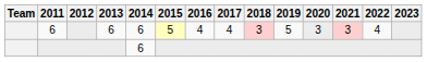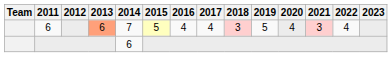 <table class="wikitable" style="font-size:85%; text-align: center">
 <tr>
 <th scope="col">Team</th>
 <th scope="col">2011</th>
 <th scope="col">2012</th>
 <th scope="col">2013</th>
 <th scope="col">2014</th>
 <th scope="col">2015</th>
 <th scope="col">2016</th>
 <th scope="col">2017</th>
 <th scope="col">2018</th>
 <th scope="col">2019</th>
 <th scope="col">2020</th>
 <th scope="col">2021</th>
 <th scope="col">2022</th>
 <th scope="col">2023</th>
 </tr>
 <tr>
 <th scope="font-weight: bold; row"></th>
 <td>6</td>
 <td bgcolor="#ececec"></td>
-<td>6</td>
-<td>6</td>
+<td style="background: lightsalmon;">6</td>
+<td>7</td>
 <td bgcolor="#ffffbf">5</td>
 <td>4</td>
 <td>4</td>
 <td bgcolor="#ffcfcf">3</td>
 <td>5</td>
-<td bgcolor="#ececec">3</td>
+<td bgcolor="#ececec">4</td>
 <td bgcolor="#ffcfcf">3</td>
 <td>4</td>
 <td bgcolor="#ececec"></td>
 </tr>
 <tr>
 <th scope="font-weight: bold; row"></th>
 <td bgcolor="#ececec" colspan="3"></td>
 <td>6</td>
 <td bgcolor="#ececec" colspan="9"></td>
 </tr>
 </table>
